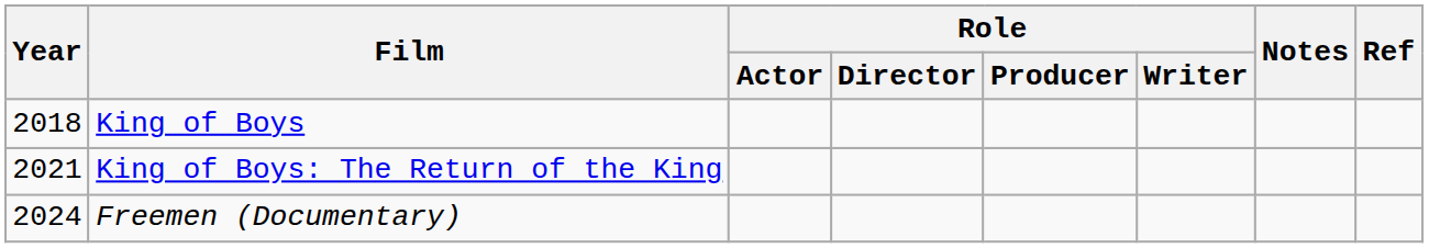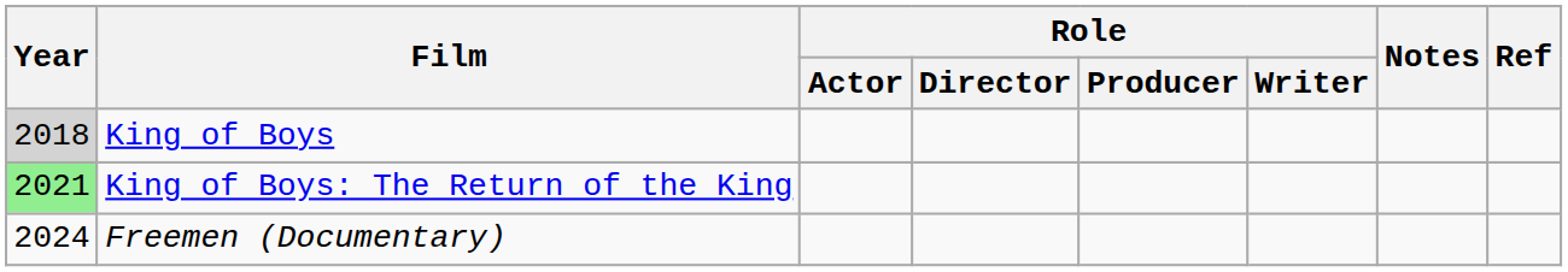 <table class="wikitable">
 <tr>
 <th rowspan="2">Year</th>
 <th rowspan="2">Film</th>
 <th colspan="4">Role</th>
 <th rowspan="2">Notes</th>
 <th rowspan="2">Ref</th>
 </tr>
 <tr>
 <th>Actor</th>
 <th>Director</th>
 <th>Producer</th>
 <th>Writer</th>
 </tr>
 <tr>
-<td>2018</td>
+<td style="background: lightgrey;">2018</td>
 <td><a href='#'>King of Boys</a></td>
 <td></td>
 <td></td>
 <td></td>
 <td></td>
 <td></td>
 <td></td>
 </tr>
 <tr>
-<td>2021</td>
+<td style="background: lightgreen;">2021</td>
 <td><a href='#'>King of Boys: The Return of the King</a></td>
 <td></td>
 <td></td>
 <td></td>
 <td></td>
 <td></td>
 <td></td>
 </tr>
 <tr>
 <td>2024</td>
 <td><em>Freemen (Documentary)</em></td>
 <td></td>
 <td></td>
 <td></td>
 <td></td>
 <td></td>
 <td></td>
 </tr>
 </table>
